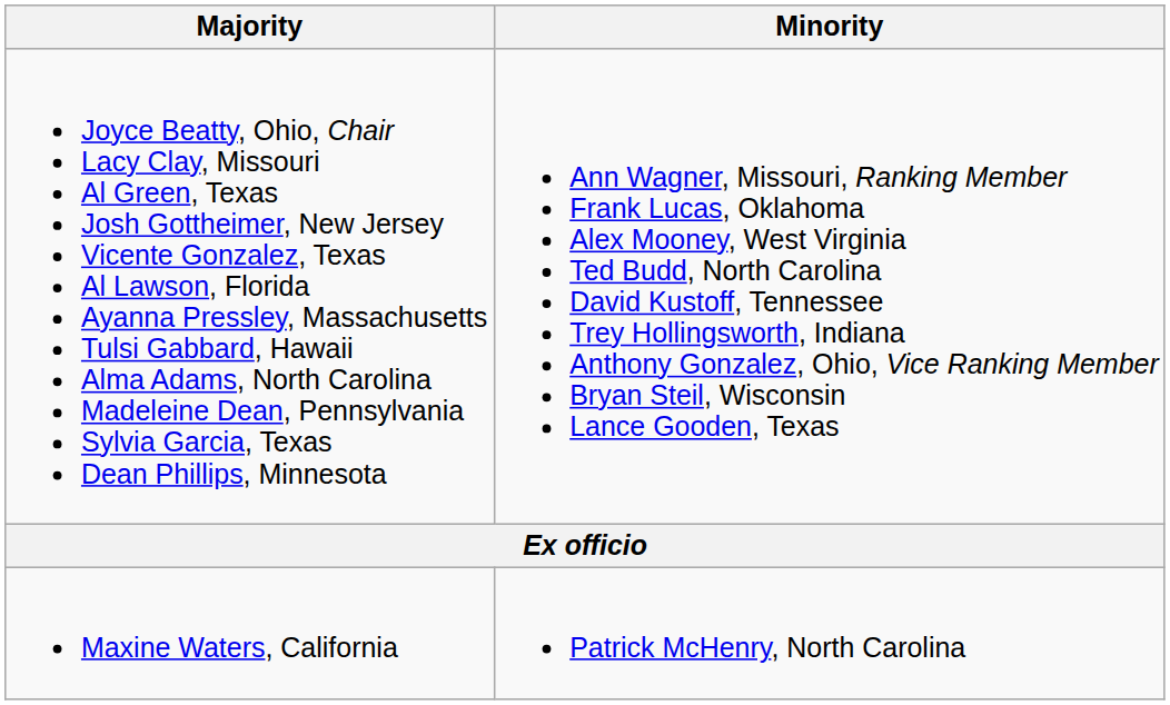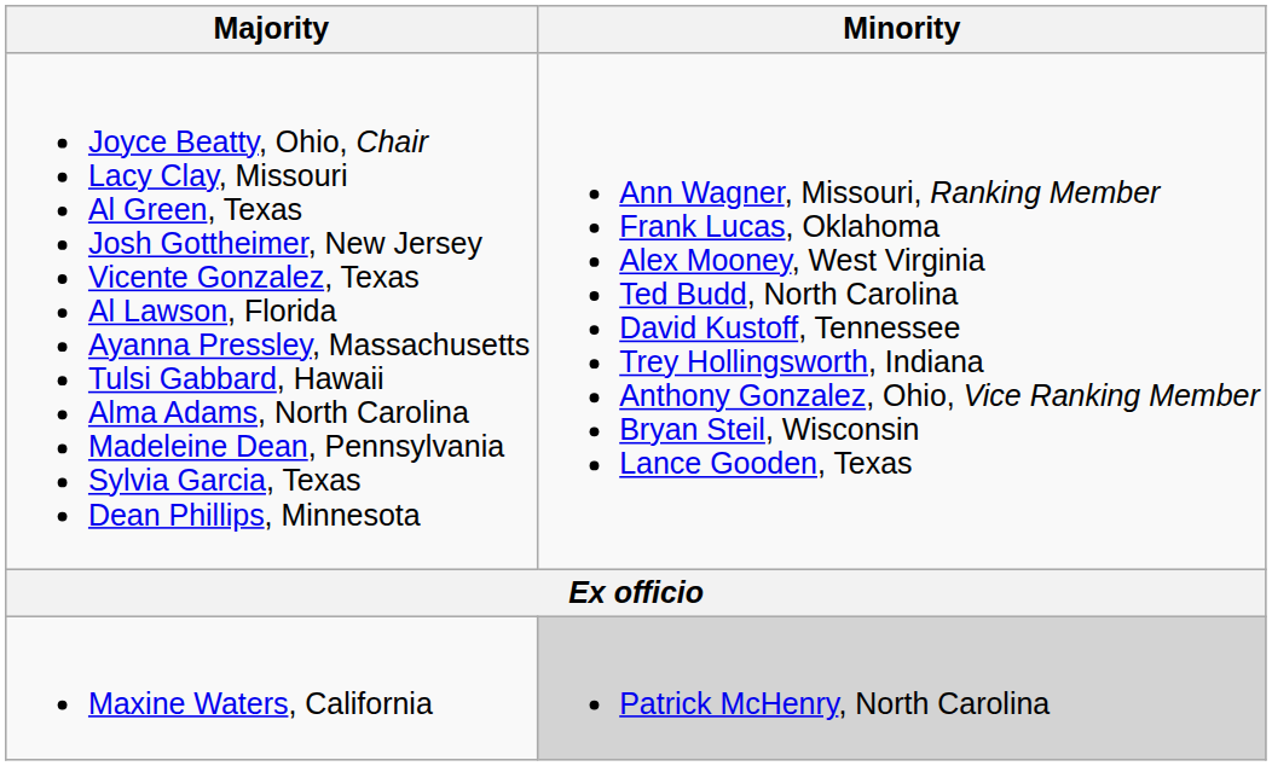 <table class=wikitable>
 <tr>
 <th>Majority</th>
 <th>Minority</th>
 </tr>
 <tr>
 <td><br><ul><li><a href='#'>Joyce Beatty</a>, Ohio, <em>Chair</em></li><li><a href='#'>Lacy Clay</a>, Missouri</li><li><a href='#'>Al Green</a>, Texas</li><li><a href='#'>Josh Gottheimer</a>, New Jersey</li><li><a href='#'>Vicente Gonzalez</a>, Texas</li><li><a href='#'>Al Lawson</a>, Florida</li><li><a href='#'>Ayanna Pressley</a>, Massachusetts</li><li><a href='#'>Tulsi Gabbard</a>, Hawaii</li><li><a href='#'>Alma Adams</a>, North Carolina</li><li><a href='#'>Madeleine Dean</a>, Pennsylvania</li><li><a href='#'>Sylvia Garcia</a>, Texas</li><li><a href='#'>Dean Phillips</a>, Minnesota</li></ul></td>
 <td><br><ul><li><a href='#'>Ann Wagner</a>, Missouri, <em>Ranking Member</em></li><li><a href='#'>Frank Lucas</a>, Oklahoma</li><li><a href='#'>Alex Mooney</a>, West Virginia</li><li><a href='#'>Ted Budd</a>, North Carolina</li><li><a href='#'>David Kustoff</a>, Tennessee</li><li><a href='#'>Trey Hollingsworth</a>, Indiana</li><li><a href='#'>Anthony Gonzalez</a>, Ohio, <em>Vice Ranking Member</em></li><li><a href='#'>Bryan Steil</a>, Wisconsin</li><li><a href='#'>Lance Gooden</a>, Texas</li></ul></td>
 </tr>
 <tr>
 <th colspan=2><em>Ex officio</em></th>
 </tr>
 <tr>
 <td><br><ul><li><a href='#'>Maxine Waters</a>, California</li></ul></td>
-<td><br><ul><li><a href='#'>Patrick McHenry</a>, North Carolina</li></ul></td>
+<td style="background: lightgrey;"><br><ul><li><a href='#'>Patrick McHenry</a>, North Carolina</li></ul></td>
 </tr>
 </table>
